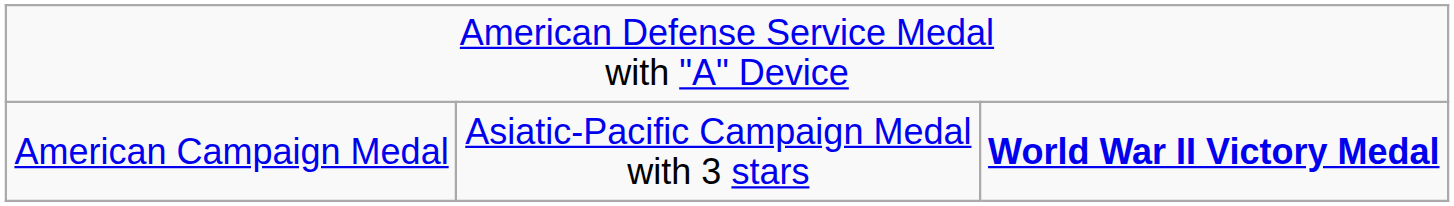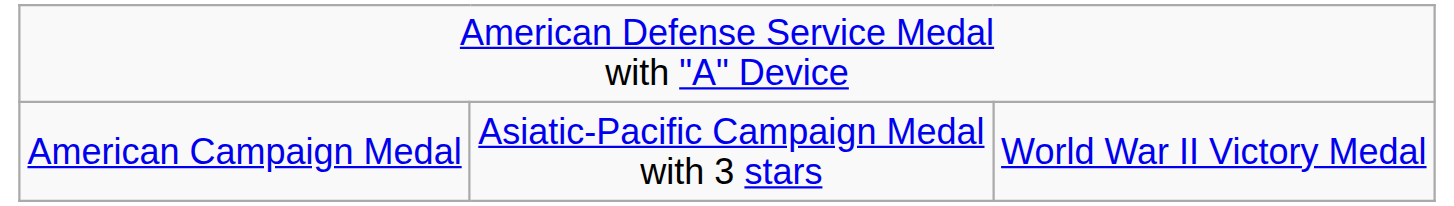 <table class="wikitable" style="margin:1em auto; text-align:center;">
 <tr>
 <td colspan=3><a href='#'>American Defense Service Medal</a><br>with <a href='#'>"A" Device</a></td>
 </tr>
 <tr>
 <td><a href='#'>American Campaign Medal</a></td>
 <td><a href='#'>Asiatic-Pacific Campaign Medal</a><br>with 3 <a href='#'>stars</a></td>
-<td><strong><a href='#'>World War II Victory Medal</a></strong></td>
+<td><a href='#'>World War II Victory Medal</a></td>
 </tr>
 </table>
